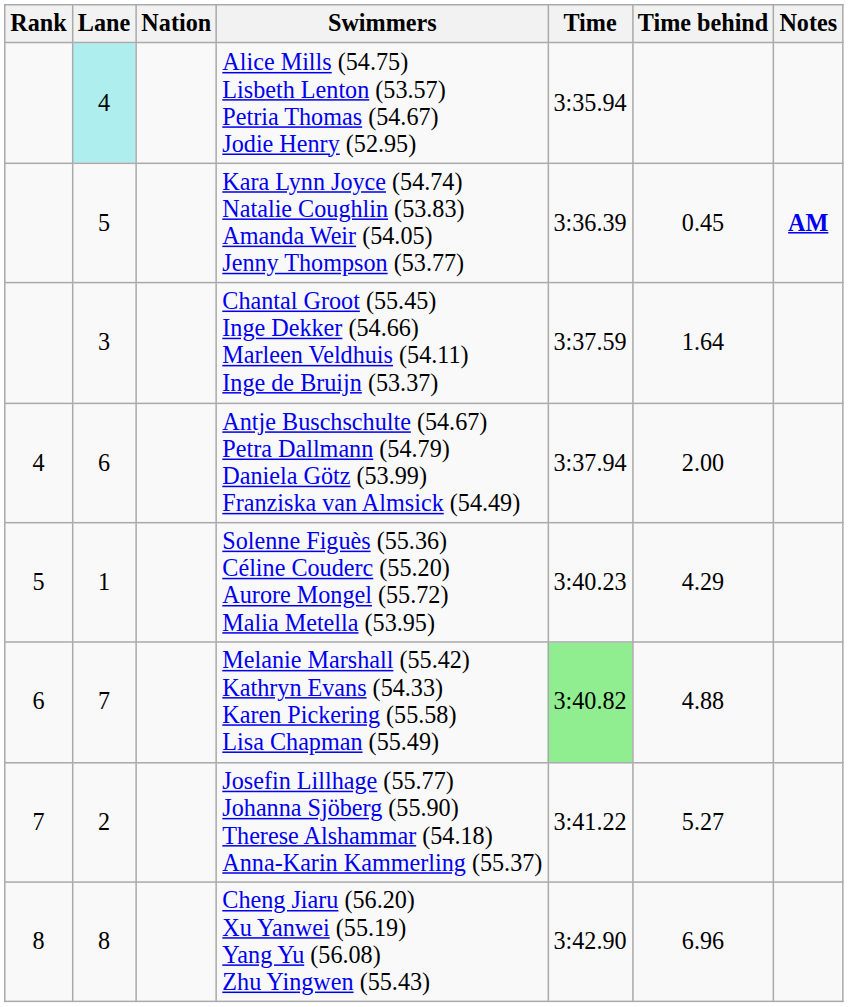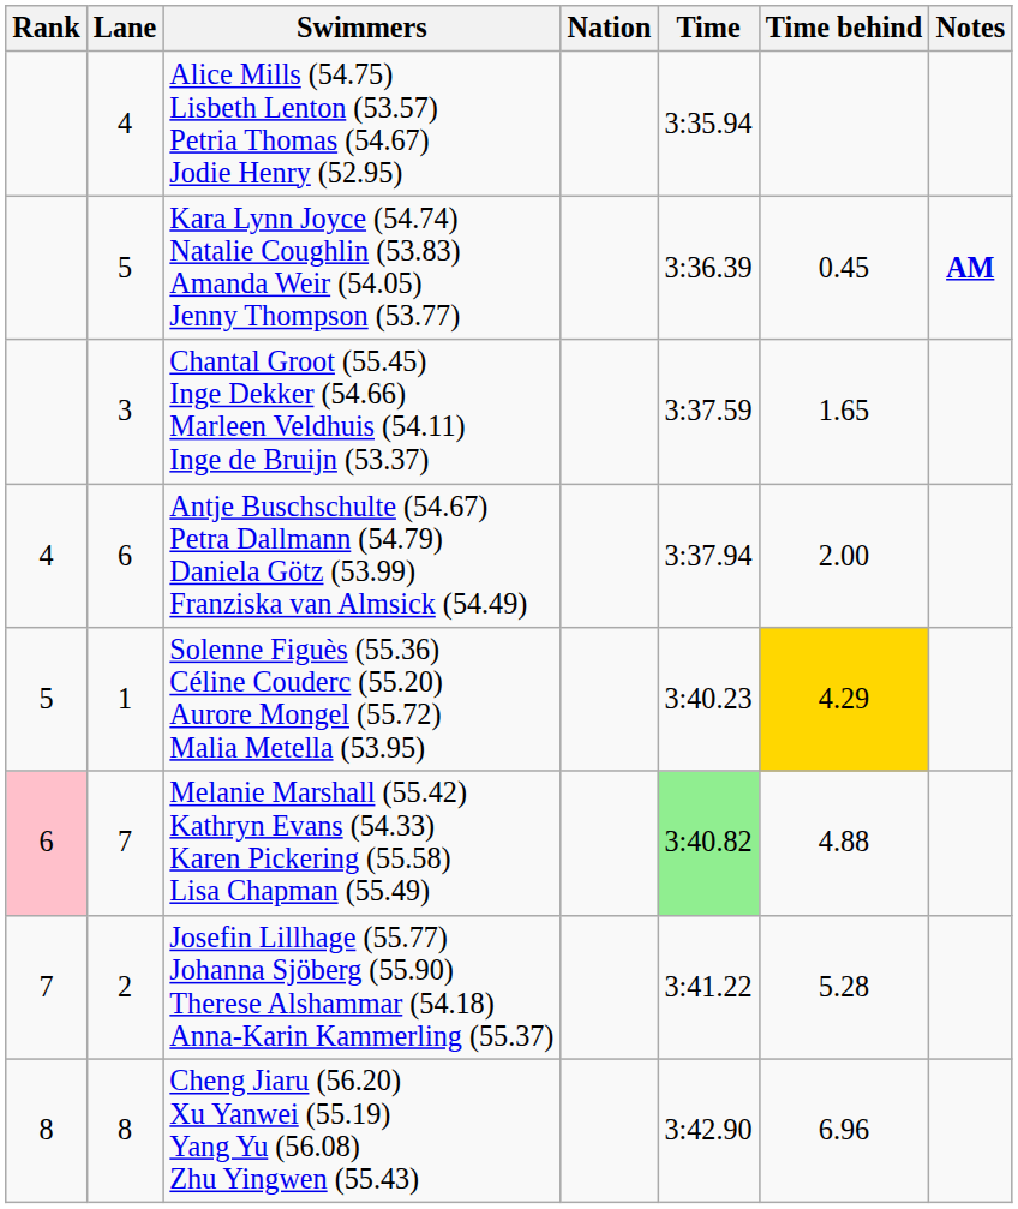 <table class="wikitable sortable" style="text-align:center">
 <tr>
 <th>Rank</th>
 <th>Lane</th>
+<th>Swimmers</th>
 <th>Nation</th>
-<th>Swimmers</th>
 <th>Time</th>
 <th>Time behind</th>
 <th>Notes</th>
 </tr>
 <tr>
 <td></td>
-<td style="background: paleturquoise;">4</td>
+<td>4</td>
+<td align=left><a href='#'>Alice Mills</a> (54.75)<br><a href='#'>Lisbeth Lenton</a> (53.57)<br><a href='#'>Petria Thomas</a> (54.67)<br><a href='#'>Jodie Henry</a> (52.95)</td>
 <td align=left></td>
-<td align=left><a href='#'>Alice Mills</a> (54.75)<br><a href='#'>Lisbeth Lenton</a> (53.57)<br><a href='#'>Petria Thomas</a> (54.67)<br><a href='#'>Jodie Henry</a> (52.95)</td>
 <td>3:35.94</td>
 <td></td>
 <td></td>
 </tr>
 <tr>
 <td></td>
 <td>5</td>
+<td align=left><a href='#'>Kara Lynn Joyce</a> (54.74)<br><a href='#'>Natalie Coughlin</a> (53.83)<br><a href='#'>Amanda Weir</a> (54.05)<br><a href='#'>Jenny Thompson</a> (53.77)</td>
 <td align=left></td>
-<td align=left><a href='#'>Kara Lynn Joyce</a> (54.74)<br><a href='#'>Natalie Coughlin</a> (53.83)<br><a href='#'>Amanda Weir</a> (54.05)<br><a href='#'>Jenny Thompson</a> (53.77)</td>
 <td>3:36.39</td>
 <td>0.45</td>
 <td><strong><a href='#'>AM</a></strong></td>
 </tr>
 <tr>
 <td></td>
 <td>3</td>
+<td align=left><a href='#'>Chantal Groot</a> (55.45)<br><a href='#'>Inge Dekker</a> (54.66)<br><a href='#'>Marleen Veldhuis</a> (54.11)<br><a href='#'>Inge de Bruijn</a> (53.37)</td>
 <td align=left></td>
-<td align=left><a href='#'>Chantal Groot</a> (55.45)<br><a href='#'>Inge Dekker</a> (54.66)<br><a href='#'>Marleen Veldhuis</a> (54.11)<br><a href='#'>Inge de Bruijn</a> (53.37)</td>
 <td>3:37.59</td>
-<td>1.64</td>
+<td>1.65</td>
 <td></td>
 </tr>
 <tr>
 <td>4</td>
 <td>6</td>
+<td align=left><a href='#'>Antje Buschschulte</a> (54.67)<br><a href='#'>Petra Dallmann</a> (54.79)<br><a href='#'>Daniela Götz</a> (53.99)<br><a href='#'>Franziska van Almsick</a> (54.49)</td>
 <td align=left></td>
-<td align=left><a href='#'>Antje Buschschulte</a> (54.67)<br><a href='#'>Petra Dallmann</a> (54.79)<br><a href='#'>Daniela Götz</a> (53.99)<br><a href='#'>Franziska van Almsick</a> (54.49)</td>
 <td>3:37.94</td>
 <td>2.00</td>
 <td></td>
 </tr>
 <tr>
 <td>5</td>
 <td>1</td>
+<td align=left><a href='#'>Solenne Figuès</a> (55.36)<br><a href='#'>Céline Couderc</a> (55.20)<br><a href='#'>Aurore Mongel</a> (55.72)<br><a href='#'>Malia Metella</a> (53.95)</td>
 <td align=left></td>
-<td align=left><a href='#'>Solenne Figuès</a> (55.36)<br><a href='#'>Céline Couderc</a> (55.20)<br><a href='#'>Aurore Mongel</a> (55.72)<br><a href='#'>Malia Metella</a> (53.95)</td>
 <td>3:40.23</td>
-<td>4.29</td>
+<td style="background: gold;">4.29</td>
 <td></td>
 </tr>
 <tr>
-<td>6</td>
+<td style="background: pink;">6</td>
 <td>7</td>
+<td align=left><a href='#'>Melanie Marshall</a> (55.42)<br><a href='#'>Kathryn Evans</a> (54.33)<br><a href='#'>Karen Pickering</a> (55.58)<br><a href='#'>Lisa Chapman</a> (55.49)</td>
 <td align=left></td>
-<td align=left><a href='#'>Melanie Marshall</a> (55.42)<br><a href='#'>Kathryn Evans</a> (54.33)<br><a href='#'>Karen Pickering</a> (55.58)<br><a href='#'>Lisa Chapman</a> (55.49)</td>
 <td style="background: lightgreen;">3:40.82</td>
 <td>4.88</td>
 <td></td>
 </tr>
 <tr>
 <td>7</td>
 <td>2</td>
+<td align=left><a href='#'>Josefin Lillhage</a> (55.77)<br><a href='#'>Johanna Sjöberg</a> (55.90)<br><a href='#'>Therese Alshammar</a> (54.18)<br><a href='#'>Anna-Karin Kammerling</a> (55.37)</td>
 <td align=left></td>
-<td align=left><a href='#'>Josefin Lillhage</a> (55.77)<br><a href='#'>Johanna Sjöberg</a> (55.90)<br><a href='#'>Therese Alshammar</a> (54.18)<br><a href='#'>Anna-Karin Kammerling</a> (55.37)</td>
 <td>3:41.22</td>
-<td>5.27</td>
+<td>5.28</td>
 <td></td>
 </tr>
 <tr>
 <td>8</td>
 <td>8</td>
+<td align=left><a href='#'>Cheng Jiaru</a> (56.20)<br><a href='#'>Xu Yanwei</a> (55.19)<br><a href='#'>Yang Yu</a> (56.08)<br><a href='#'>Zhu Yingwen</a> (55.43)</td>
 <td align=left></td>
-<td align=left><a href='#'>Cheng Jiaru</a> (56.20)<br><a href='#'>Xu Yanwei</a> (55.19)<br><a href='#'>Yang Yu</a> (56.08)<br><a href='#'>Zhu Yingwen</a> (55.43)</td>
 <td>3:42.90</td>
 <td>6.96</td>
 <td></td>
 </tr>
 </table>
